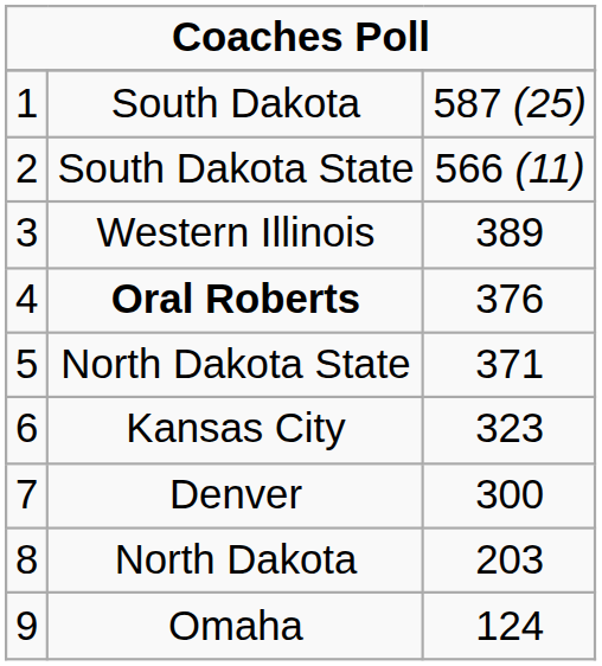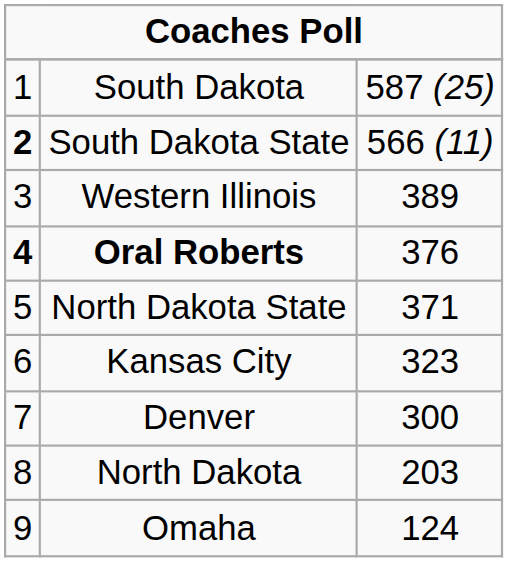 <table class="wikitable">
 <tr align="center">
 <td align="center" colspan="3"><strong>Coaches Poll</strong></td>
 </tr>
 <tr align="center">
 </tr>
 <tr align="center">
 <td>1</td>
 <td>South Dakota</td>
 <td>587 <em>(25)</em></td>
 </tr>
 <tr align="center">
-<td>2</td>
+<td><strong>2</strong></td>
 <td>South Dakota State</td>
 <td>566 <em>(11)</em></td>
 </tr>
 <tr align="center">
 <td>3</td>
 <td>Western Illinois</td>
 <td>389</td>
 </tr>
 <tr align="center">
-<td>4</td>
+<td><strong>4</strong></td>
 <td><strong>Oral Roberts</strong></td>
 <td>376</td>
 </tr>
 <tr align="center">
 <td>5</td>
 <td>North Dakota State</td>
 <td>371</td>
 </tr>
 <tr align="center">
 <td>6</td>
 <td>Kansas City</td>
 <td>323</td>
 </tr>
 <tr align="center">
 <td>7</td>
 <td>Denver</td>
 <td>300</td>
 </tr>
 <tr align="center">
 <td>8</td>
 <td>North Dakota</td>
 <td>203</td>
 </tr>
 <tr align="center">
 <td>9</td>
 <td>Omaha</td>
 <td>124</td>
 </tr>
 </table>
